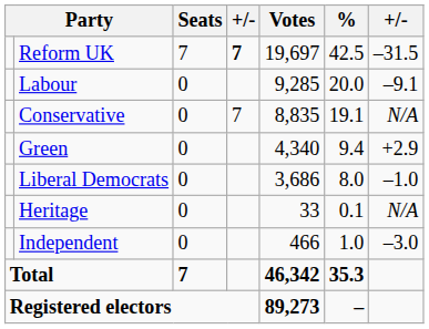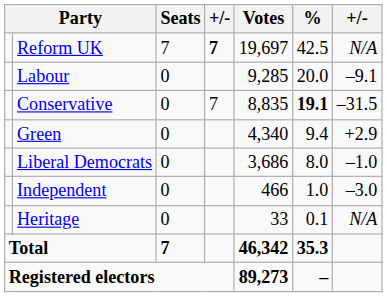 <table class="wikitable sortable">
 <tr>
 <th colspan="2">Party</th>
 <th>Seats</th>
 <th>+/-</th>
 <th>Votes</th>
 <th>%</th>
 <th>+/-</th>
 </tr>
 <tr>
 <td style="background-color: "></td>
 <td><a href='#'>Reform UK</a></td>
 <td>7</td>
 <td><strong> 7</strong></td>
 <td style="text-align:right;">19,697</td>
 <td style="text-align:right;">42.5</td>
-<td style="text-align:right;">–31.5</td>
+<td style="text-align:right;"><em>N/A</em></td>
 </tr>
 <tr>
 <td style="background-color: "></td>
 <td><a href='#'>Labour</a></td>
 <td>0</td>
 <td></td>
 <td style="text-align:right;">9,285</td>
 <td style="text-align:right;">20.0</td>
 <td style="text-align:right;">–9.1</td>
 </tr>
 <tr>
 <td style="background-color: "></td>
 <td><a href='#'>Conservative</a></td>
 <td>0</td>
 <td> 7</td>
 <td style="text-align:right;">8,835</td>
-<td style="text-align:right;">19.1</td>
-<td style="text-align:right;"><em>N/A</em></td>
+<td style="text-align:right;"><strong>19.1</strong></td>
+<td style="text-align:right;">–31.5</td>
 </tr>
 <tr>
 <td style="background-color: "></td>
 <td><a href='#'>Green</a></td>
 <td>0</td>
 <td></td>
 <td style="text-align:right;">4,340</td>
 <td style="text-align:right;">9.4</td>
 <td style="text-align:right;">+2.9</td>
 </tr>
 <tr>
 <td style="background-color: "></td>
 <td><a href='#'>Liberal Democrats</a></td>
 <td>0</td>
 <td></td>
 <td style="text-align:right;">3,686</td>
 <td style="text-align:right;">8.0</td>
 <td style="text-align:right;">–1.0</td>
 </tr>
 <tr>
 <td style="background-color: "></td>
+<td><a href='#'>Independent</a></td>
+<td>0</td>
+<td></td>
+<td style="text-align:right;">466</td>
+<td style="text-align:right;">1.0</td>
+<td style="text-align:right;">–3.0</td>
+</tr>
+<tr>
+<td style="background-color: "></td>
 <td><a href='#'>Heritage</a></td>
 <td>0</td>
 <td></td>
 <td style="text-align:right;">33</td>
 <td style="text-align:right;">0.1</td>
 <td style="text-align:right;"><em>N/A</em></td>
-</tr>
-<tr>
-<td style="background-color: "></td>
-<td><a href='#'>Independent</a></td>
-<td>0</td>
-<td></td>
-<td style="text-align:right;">466</td>
-<td style="text-align:right;">1.0</td>
-<td style="text-align:right;">–3.0</td>
 </tr>
 <tr>
 <td colspan="2"><strong>Total</strong></td>
 <td><strong>7</strong></td>
 <td></td>
 <td style="text-align:right;"><strong>46,342</strong></td>
 <td style="text-align:right;"><strong>35.3</strong></td>
 <td style="text-align:right;"></td>
 </tr>
 <tr>
 <td colspan="4"><strong>Registered electors</strong></td>
 <td style="text-align:right;"><strong>89,273</strong></td>
 <td style="text-align:right;"><strong>–</strong></td>
 <td style="text-align:right;"></td>
 </tr>
 </table>
